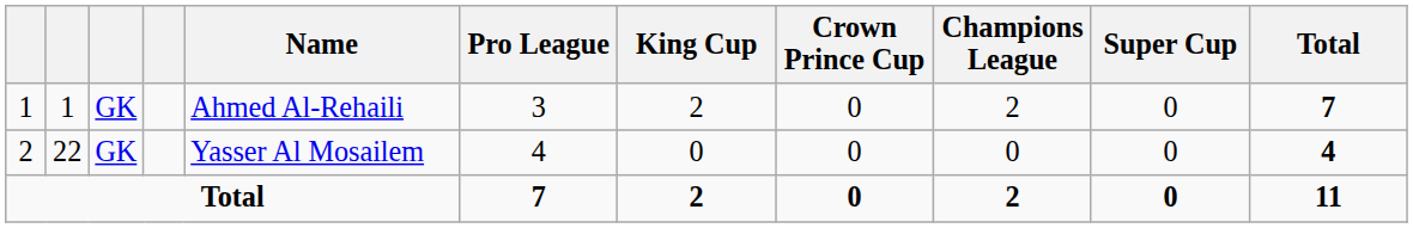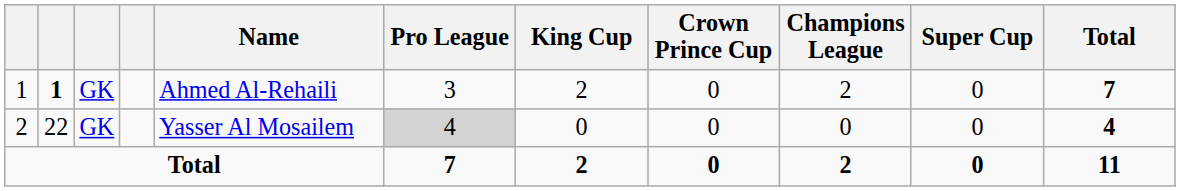 <table class="wikitable" style="text-align:center">
 <tr>
 <th width=15></th>
 <th width=15></th>
 <th width=15></th>
 <th width=15></th>
 <th width=145>Name</th>
 <th width=80>Pro League</th>
 <th width=80>King Cup</th>
 <th width=80>Crown Prince Cup</th>
 <th width=80>Champions League</th>
 <th width=80>Super Cup</th>
 <th width=80>Total</th>
 </tr>
 <tr>
 <td>1</td>
-<td>1</td>
+<td><strong>1</strong></td>
 <td><a href='#'>GK</a></td>
 <td></td>
 <td align=left><a href='#'>Ahmed Al-Rehaili</a></td>
 <td>3</td>
 <td>2</td>
 <td>0</td>
 <td>2</td>
 <td>0</td>
 <td><strong>7</strong></td>
 </tr>
 <tr>
 <td>2</td>
 <td>22</td>
 <td><a href='#'>GK</a></td>
 <td></td>
 <td align=left><a href='#'>Yasser Al Mosailem</a></td>
-<td>4</td>
+<td style="background: lightgrey;">4</td>
 <td>0</td>
 <td>0</td>
 <td>0</td>
 <td>0</td>
 <td><strong>4</strong></td>
 </tr>
 <tr>
 <td colspan=5><strong>Total</strong></td>
 <td><strong>7</strong></td>
 <td><strong>2</strong></td>
 <td><strong>0</strong></td>
 <td><strong>2</strong></td>
 <td><strong>0</strong></td>
 <td><strong>11</strong></td>
 </tr>
 </table>
